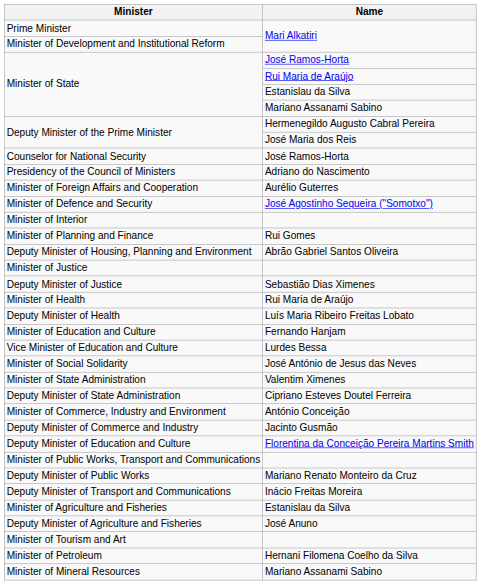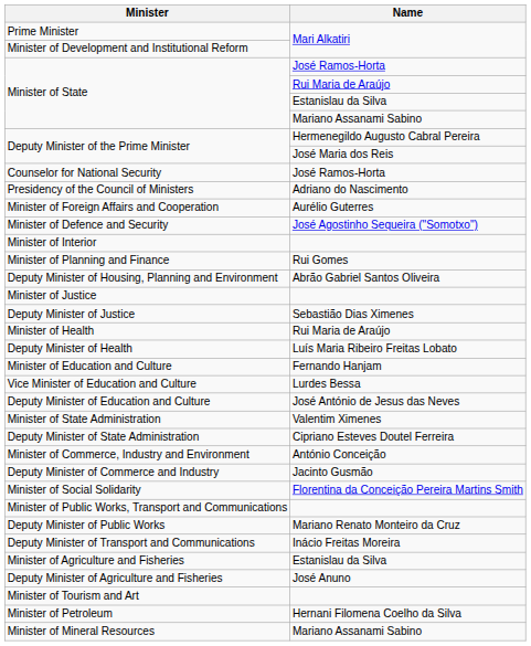 <table class="wikitable sortable">
 <tr>
 <th>Minister</th>
 <th>Name</th>
 </tr>
 <tr>
 <td>Prime Minister</td>
 <td rowspan=2><a href='#'>Mari Alkatiri</a></td>
 </tr>
 <tr>
 <td>Minister of Development and Institutional Reform</td>
 </tr>
 <tr>
 <td rowspan=4>Minister of State</td>
 <td><a href='#'>José Ramos-Horta</a></td>
 </tr>
 <tr>
 <td><a href='#'>Rui Maria de Araújo</a></td>
 </tr>
 <tr>
 <td>Estanislau da Silva</td>
 </tr>
 <tr>
 <td>Mariano Assanami Sabino</td>
 </tr>
 <tr>
 <td rowspan=2>Deputy Minister of the Prime Minister</td>
 <td>Hermenegildo Augusto Cabral Pereira</td>
 </tr>
 <tr>
 <td>José Maria dos Reis</td>
 </tr>
 <tr>
 <td>Counselor for National Security</td>
 <td>José Ramos-Horta</td>
 </tr>
 <tr>
 <td>Presidency of the Council of Ministers</td>
 <td>Adriano do Nascimento</td>
 </tr>
 <tr>
 <td>Minister of Foreign Affairs and Cooperation</td>
 <td>Aurélio Guterres</td>
 </tr>
 <tr>
 <td>Minister of Defence and Security</td>
 <td><a href='#'>José Agostinho Sequeira ("Somotxo")</a></td>
 </tr>
 <tr>
 <td>Minister of Interior</td>
 <td></td>
 </tr>
 <tr>
 <td>Minister of Planning and Finance</td>
 <td>Rui Gomes</td>
 </tr>
 <tr>
 <td>Deputy Minister of Housing, Planning and Environment</td>
 <td>Abrão Gabriel Santos Oliveira</td>
 </tr>
 <tr>
 <td>Minister of Justice</td>
 <td></td>
 </tr>
 <tr>
 <td>Deputy Minister of Justice</td>
 <td>Sebastião Dias Ximenes</td>
 </tr>
 <tr>
 <td>Minister of Health</td>
 <td>Rui Maria de Araújo</td>
 </tr>
 <tr>
 <td>Deputy Minister of Health</td>
 <td>Luís Maria Ribeiro Freitas Lobato</td>
 </tr>
 <tr>
 <td>Minister of Education and Culture</td>
 <td>Fernando Hanjam</td>
 </tr>
 <tr>
 <td>Vice Minister of Education and Culture</td>
 <td>Lurdes Bessa</td>
 </tr>
 <tr>
-<td>Minister of Social Solidarity</td>
+<td>Deputy Minister of Education and Culture</td>
 <td>José António de Jesus das Neves</td>
 </tr>
 <tr>
 <td>Minister of State Administration</td>
 <td>Valentim Ximenes</td>
 </tr>
 <tr>
 <td>Deputy Minister of State Administration</td>
 <td>Cipriano Esteves Doutel Ferreira</td>
 </tr>
 <tr>
 <td>Minister of Commerce, Industry and Environment</td>
 <td>António Conceição</td>
 </tr>
 <tr>
 <td>Deputy Minister of Commerce and Industry</td>
 <td>Jacinto Gusmão</td>
 </tr>
 <tr>
-<td>Deputy Minister of Education and Culture</td>
+<td>Minister of Social Solidarity</td>
 <td><a href='#'>Florentina da Conceição Pereira Martins Smith</a></td>
 </tr>
 <tr>
 <td>Minister of Public Works, Transport and Communications</td>
 <td></td>
 </tr>
 <tr>
 <td>Deputy Minister of Public Works</td>
 <td>Mariano Renato Monteiro da Cruz</td>
 </tr>
 <tr>
 <td>Deputy Minister of Transport and Communications</td>
 <td>Inácio Freitas Moreira</td>
 </tr>
 <tr>
 <td>Minister of Agriculture and Fisheries</td>
 <td>Estanislau da Silva</td>
 </tr>
 <tr>
 <td>Deputy Minister of Agriculture and Fisheries</td>
 <td>José Anuno</td>
 </tr>
 <tr>
 <td>Minister of Tourism and Art</td>
 <td></td>
 </tr>
 <tr>
 <td>Minister of Petroleum</td>
 <td>Hernani Filomena Coelho da Silva</td>
 </tr>
 <tr>
 <td>Minister of Mineral Resources</td>
 <td>Mariano Assanami Sabino</td>
 </tr>
 </table>
